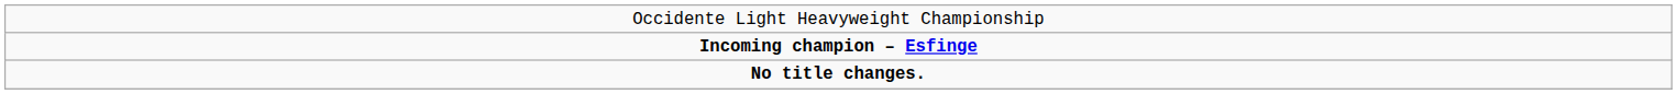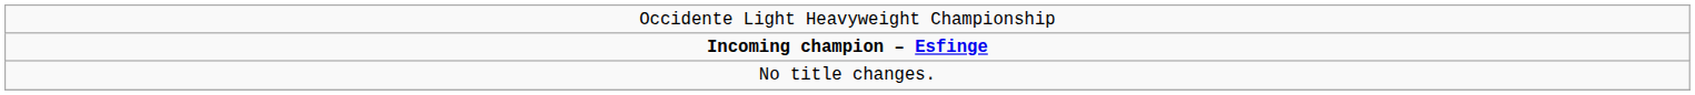 <table class="wikitable" style="text-align:center; width:100%;">
 <tr>
 <td colspan="5" style="text-align: center;">Occidente Light Heavyweight Championship</td>
 </tr>
 <tr>
 <td colspan="5" style="text-align: center;"><strong>Incoming champion – <a href='#'>Esfinge</a></strong></td>
 </tr>
 <tr>
-<td><strong>No title changes.</strong></td>
+<td>No title changes.</td>
 </tr>
 <tr>
 </tr>
 </table>
